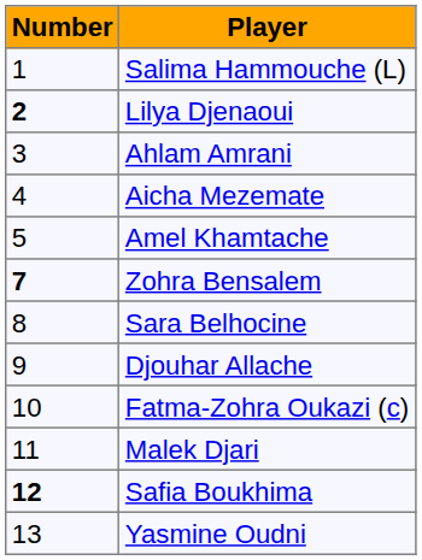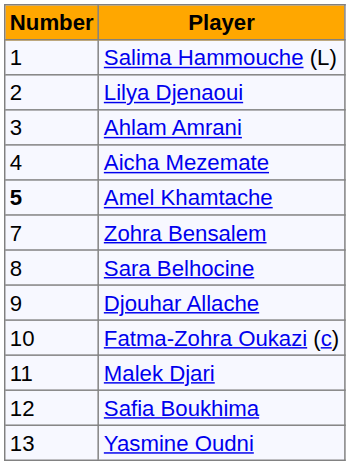 <table bgcolor="#f7f8ff" cellpadding="3" cellspacing="0" border="1" style="font-size: 95%; border: gray solid 1px; border-collapse: collapse;">
 <tr bgcolor="#FFA700">
 <td align=center><strong>Number</strong></td>
 <td align=center><strong>Player</strong></td>
 </tr>
 <tr align="left">
 <td>1</td>
 <td> <a href='#'>Salima Hammouche</a> (L)</td>
 </tr>
 <tr align=left>
-<td><strong>2</strong></td>
+<td>2</td>
 <td> <a href='#'>Lilya Djenaoui</a></td>
 </tr>
 <tr align="left">
 <td>3</td>
 <td> <a href='#'>Ahlam Amrani</a></td>
 </tr>
 <tr align="left">
 <td>4</td>
 <td> <a href='#'>Aicha Mezemate</a></td>
 </tr>
 <tr align="left">
-<td>5</td>
+<td><strong>5</strong></td>
 <td> <a href='#'>Amel Khamtache</a></td>
 </tr>
 <tr align="left">
-<td><strong>7</strong></td>
+<td>7</td>
 <td> <a href='#'>Zohra Bensalem</a></td>
 </tr>
 <tr align="left">
 <td>8</td>
 <td> <a href='#'>Sara Belhocine</a></td>
 </tr>
 <tr align="left">
 <td>9</td>
 <td> <a href='#'>Djouhar Allache</a></td>
 </tr>
 <tr align="left">
 <td>10</td>
 <td> <a href='#'>Fatma-Zohra Oukazi</a> (<a href='#'>c</a>)</td>
 </tr>
 <tr align="left">
 <td>11</td>
 <td> <a href='#'>Malek Djari</a></td>
 </tr>
 <tr align="left">
-<td><strong>12</strong></td>
+<td>12</td>
 <td> <a href='#'>Safia Boukhima</a></td>
 </tr>
 <tr align="left">
 <td>13</td>
 <td> <a href='#'>Yasmine Oudni</a></td>
 </tr>
 </table>
